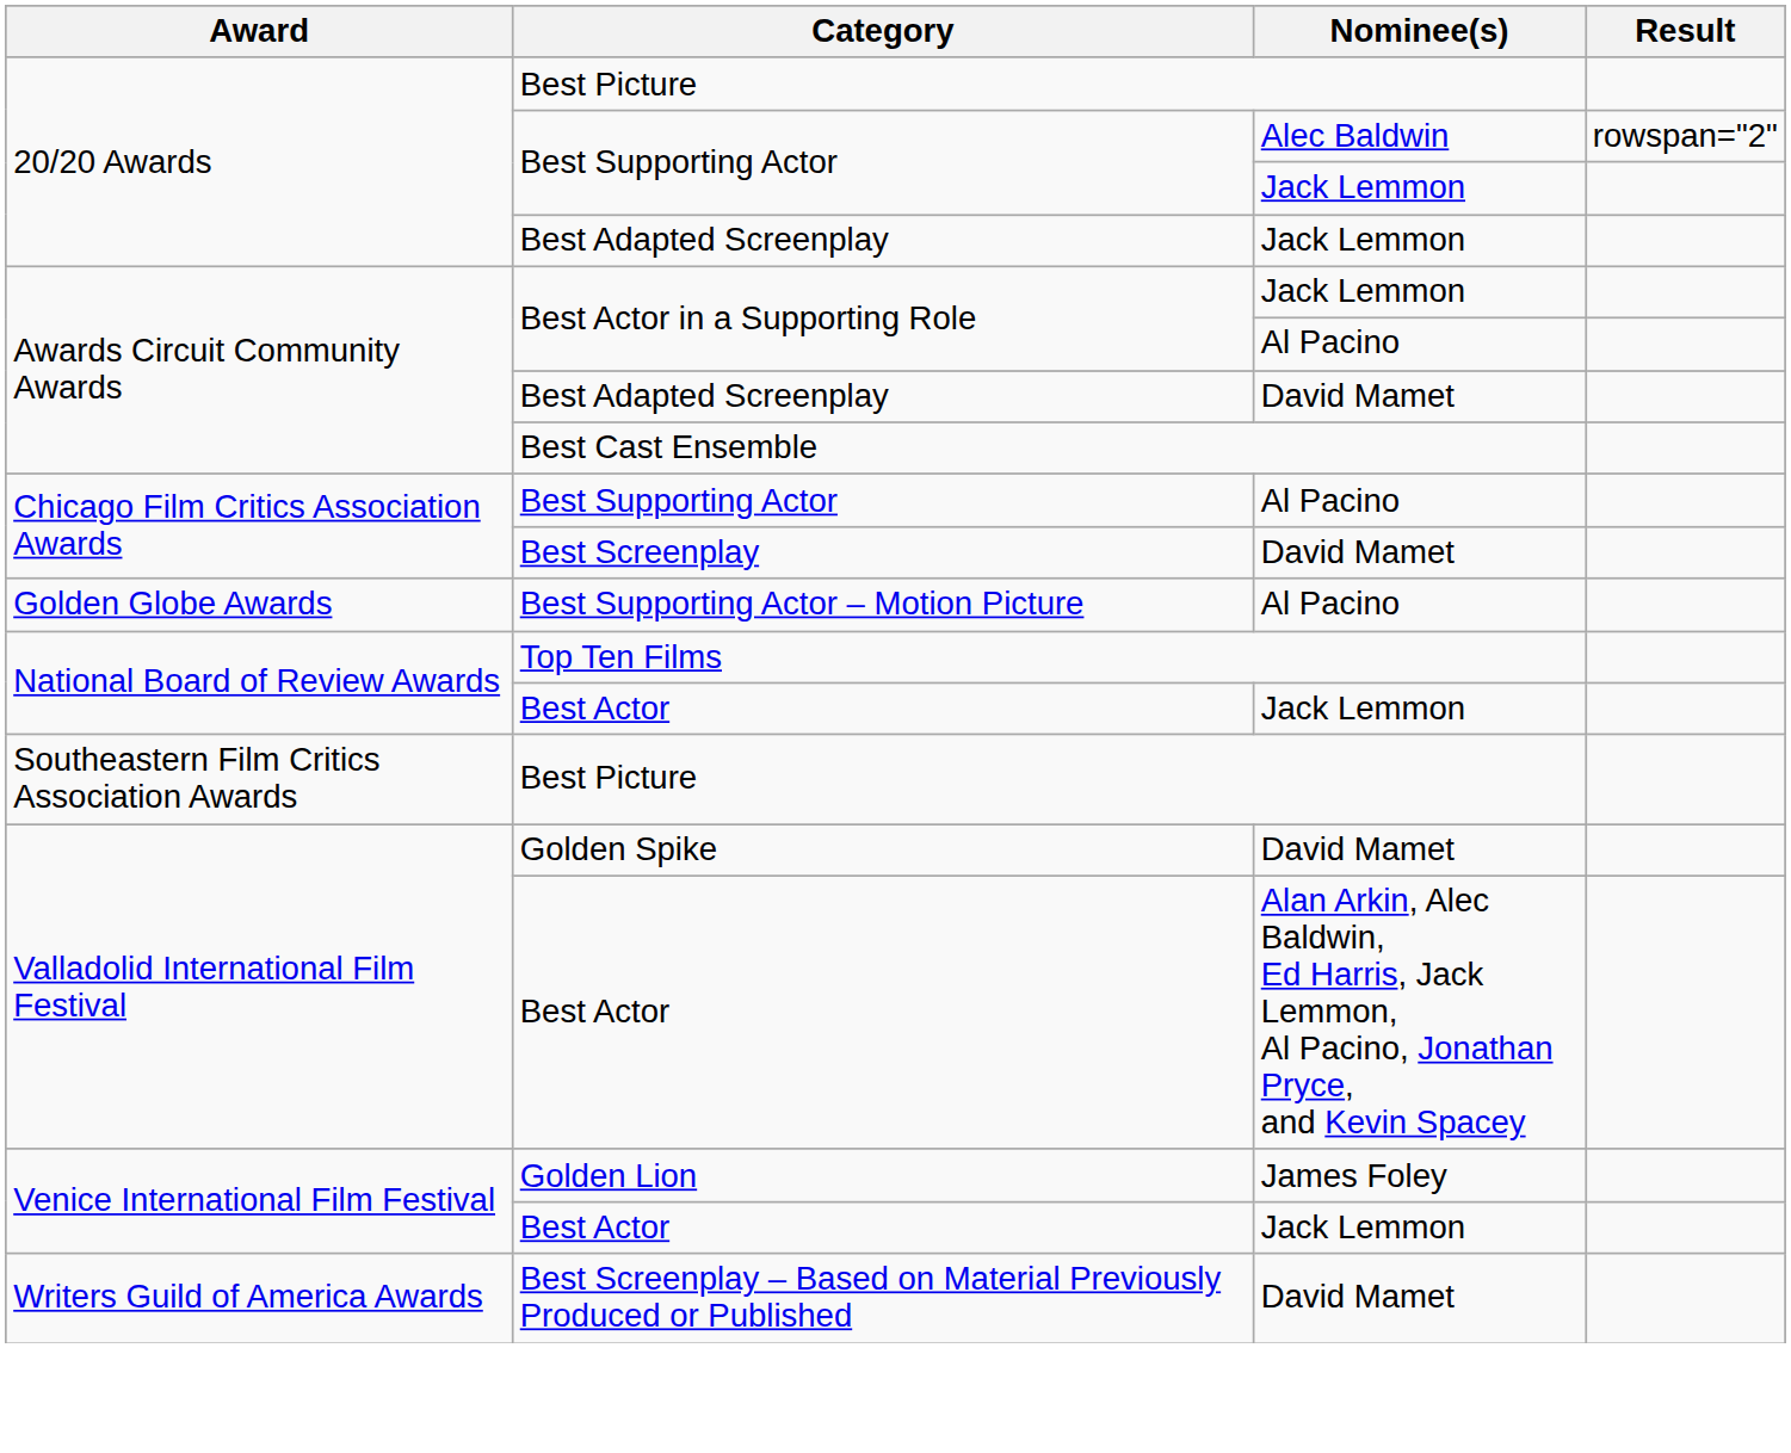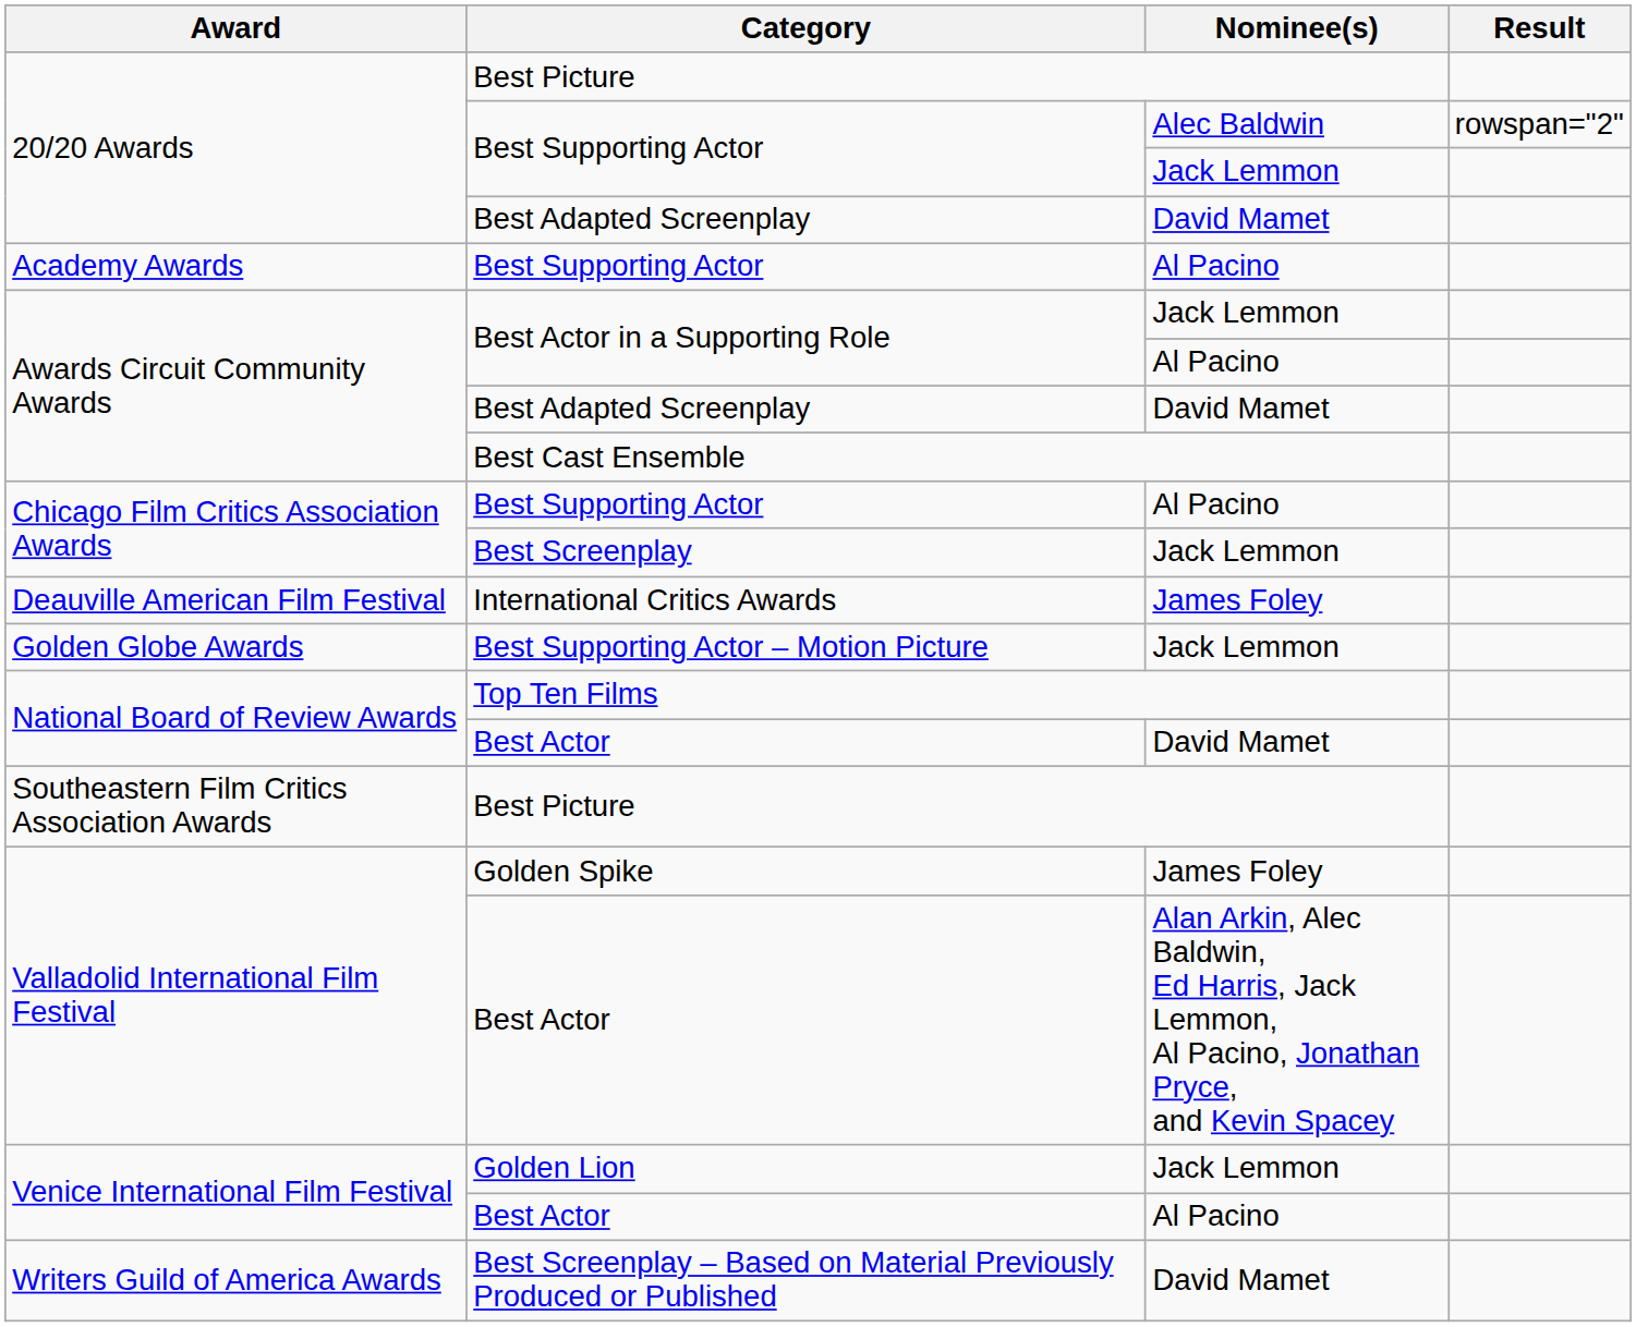 <table class="wikitable plainrowheaders">
 <tr>
 <th>Award</th>
 <th>Category</th>
 <th>Nominee(s)</th>
 <th>Result</th>
 </tr>
 <tr>
 <td rowspan="4">20/20 Awards</td>
 <td colspan="2">Best Picture</td>
 <td></td>
 </tr>
 <tr>
 <td rowspan="2">Best Supporting Actor</td>
 <td><a href='#'>Alec Baldwin</a></td>
 <td>rowspan="2"  <br> </td>
 </tr>
 <tr>
 <td><a href='#'>Jack Lemmon</a></td>
 </tr>
 <tr>
 <td>Best Adapted Screenplay</td>
-<td>Jack Lemmon</td>
+<td><a href='#'>David Mamet</a></td>
+<td></td>
+</tr>
+<tr>
+<td><a href='#'>Academy Awards</a></td>
+<td><a href='#'>Best Supporting Actor</a></td>
+<td><a href='#'>Al Pacino</a></td>
 <td></td>
 </tr>
 <tr>
 <td rowspan="4">Awards Circuit Community Awards</td>
 <td rowspan="2">Best Actor in a Supporting Role</td>
 <td>Jack Lemmon</td>
 <td></td>
 </tr>
 <tr>
 <td>Al Pacino</td>
 <td></td>
 </tr>
 <tr>
 <td>Best Adapted Screenplay</td>
 <td>David Mamet</td>
 <td></td>
 </tr>
 <tr>
 <td colspan="2">Best Cast Ensemble</td>
 <td></td>
 </tr>
 <tr>
 <td rowspan="2"><a href='#'>Chicago Film Critics Association Awards</a></td>
 <td><a href='#'>Best Supporting Actor</a></td>
 <td>Al Pacino</td>
 <td></td>
 </tr>
 <tr>
 <td><a href='#'>Best Screenplay</a></td>
-<td>David Mamet</td>
+<td>Jack Lemmon</td>
+<td></td>
+</tr>
+<tr>
+<td><a href='#'>Deauville American Film Festival</a></td>
+<td>International Critics Awards</td>
+<td><a href='#'>James Foley</a></td>
 <td></td>
 </tr>
 <tr>
 <td><a href='#'>Golden Globe Awards</a></td>
 <td><a href='#'>Best Supporting Actor – Motion Picture</a></td>
-<td>Al Pacino</td>
+<td>Jack Lemmon</td>
 <td></td>
 </tr>
 <tr>
 <td rowspan="2"><a href='#'>National Board of Review Awards</a></td>
 <td colspan="2"><a href='#'>Top Ten Films</a></td>
 <td></td>
 </tr>
 <tr>
 <td><a href='#'>Best Actor</a></td>
-<td>Jack Lemmon</td>
+<td>David Mamet</td>
 <td></td>
 </tr>
 <tr>
 <td>Southeastern Film Critics Association Awards</td>
 <td colspan="2">Best Picture</td>
 <td></td>
 </tr>
 <tr>
 <td rowspan="2"><a href='#'>Valladolid International Film Festival</a></td>
 <td>Golden Spike</td>
-<td>David Mamet</td>
+<td>James Foley</td>
 <td></td>
 </tr>
 <tr>
 <td>Best Actor</td>
 <td><a href='#'>Alan Arkin</a>, Alec Baldwin, <br> <a href='#'>Ed Harris</a>, Jack Lemmon, <br> Al Pacino, <a href='#'>Jonathan Pryce</a>, <br> and <a href='#'>Kevin Spacey</a></td>
 <td></td>
 </tr>
 <tr>
 <td rowspan="2"><a href='#'>Venice International Film Festival</a></td>
 <td><a href='#'>Golden Lion</a></td>
-<td>James Foley</td>
+<td>Jack Lemmon</td>
 <td></td>
 </tr>
 <tr>
 <td><a href='#'>Best Actor</a></td>
-<td>Jack Lemmon</td>
+<td>Al Pacino</td>
 <td></td>
 </tr>
 <tr>
 <td><a href='#'>Writers Guild of America Awards</a></td>
 <td><a href='#'>Best Screenplay – Based on Material Previously Produced or Published</a></td>
 <td>David Mamet</td>
 <td></td>
 </tr>
 </table>
